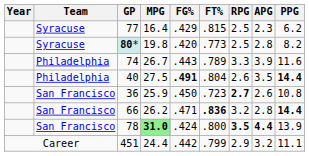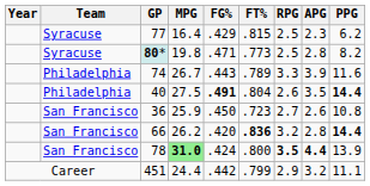 <table class="wikitable sortable" style="font-size:95%; text-align:right;">
 <tr>
 <th>Year</th>
 <th>Team</th>
 <th>GP</th>
 <th>MPG</th>
 <th>FG%</th>
 <th>FT%</th>
 <th>RPG</th>
 <th>APG</th>
 <th>PPG</th>
 </tr>
 <tr>
 <td style="text-align:left;"></td>
 <td style="text-align:left;"><a href='#'>Syracuse</a></td>
 <td>77</td>
 <td>16.4</td>
 <td>.429</td>
 <td>.815</td>
 <td>2.5</td>
 <td>2.3</td>
 <td>6.2</td>
 </tr>
 <tr>
 <td style="text-align:left;"></td>
 <td style="text-align:left;"><a href='#'>Syracuse</a></td>
 <td style="background:#cfecec;"><strong>80</strong>*</td>
 <td>19.8</td>
-<td>.420</td>
+<td>.471</td>
 <td>.773</td>
 <td>2.5</td>
 <td>2.8</td>
 <td>8.2</td>
 </tr>
 <tr>
 <td style="text-align:left;"></td>
 <td style="text-align:left;"><a href='#'>Philadelphia</a></td>
 <td>74</td>
 <td>26.7</td>
 <td>.443</td>
 <td>.789</td>
 <td>3.3</td>
 <td>3.9</td>
 <td>11.6</td>
 </tr>
 <tr>
 <td style="text-align:left;"></td>
 <td style="text-align:left;"><a href='#'>Philadelphia</a></td>
 <td>40</td>
 <td>27.5</td>
 <td><strong>.491</strong></td>
 <td>.804</td>
 <td>2.6</td>
 <td>3.5</td>
 <td><strong>14.4</strong></td>
 </tr>
 <tr>
 <td style="text-align:left;"></td>
 <td style="text-align:left;"><a href='#'>San Francisco</a></td>
 <td>36</td>
 <td>25.9</td>
 <td>.450</td>
 <td>.723</td>
-<td><strong>2.7</strong></td>
+<td>2.7</td>
 <td>2.6</td>
 <td>10.8</td>
 </tr>
 <tr>
 <td style="text-align:left;"></td>
 <td style="text-align:left;"><a href='#'>San Francisco</a></td>
 <td>66</td>
 <td>26.2</td>
-<td>.471</td>
+<td>.420</td>
 <td><strong>.836</strong></td>
 <td>3.2</td>
 <td>2.8</td>
 <td><strong>14.4</strong></td>
 </tr>
 <tr>
 <td style="text-align:left;"></td>
 <td style="text-align:left;"><a href='#'>San Francisco</a></td>
 <td>78</td>
 <td style="background: lightgreen;"><strong>31.0</strong></td>
 <td>.424</td>
 <td>.800</td>
 <td><strong>3.5</strong></td>
 <td><strong>4.4</strong></td>
 <td>13.9</td>
 </tr>
 <tr class="sortbottom">
 <td style="text-align:center;" colspan="2">Career</td>
 <td>451</td>
 <td>24.4</td>
 <td>.442</td>
 <td>.799</td>
 <td>2.9</td>
 <td>3.2</td>
 <td>11.1</td>
 </tr>
 </table>
